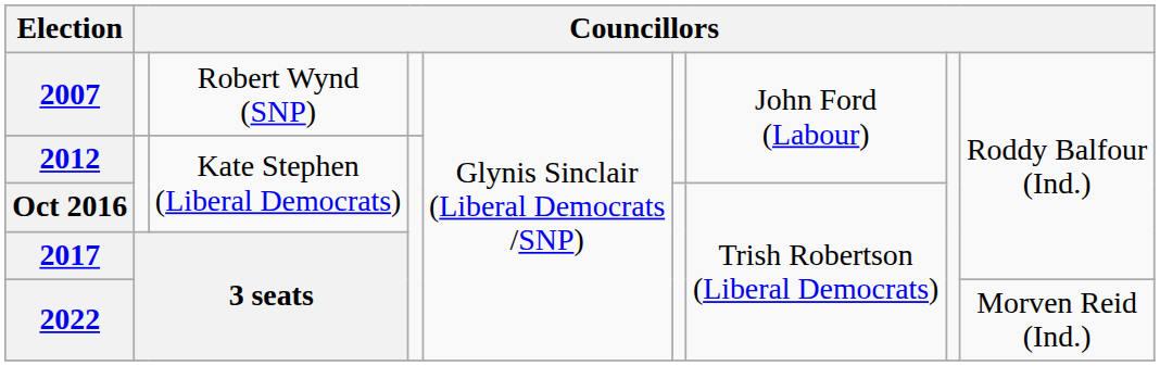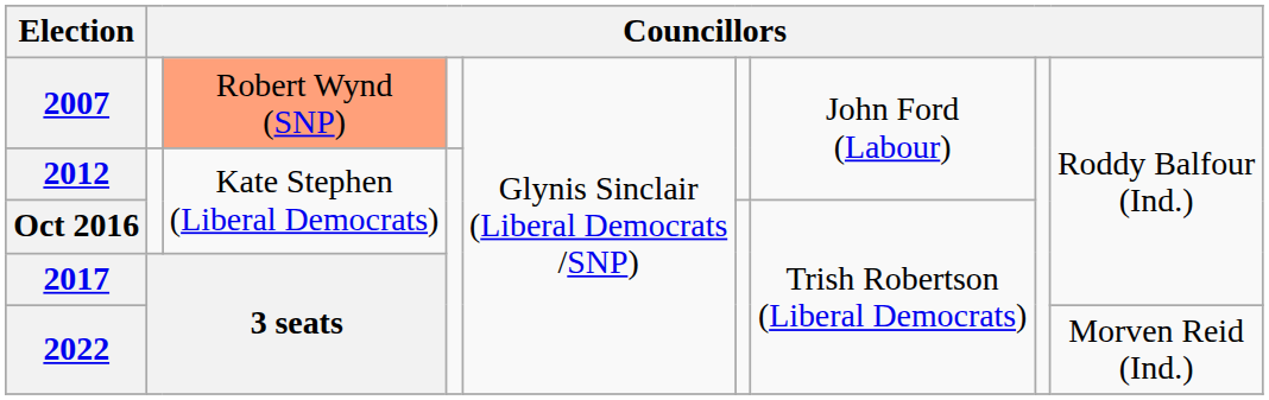 <table class="wikitable" style="text-align:center">
 <tr>
 <th>Election</th>
 <th colspan=8>Councillors</th>
 </tr>
 <tr>
 <th><a href='#'>2007</a></th>
 <td rowspan=1; style="background-color: "></td>
-<td rowspan=1>Robert Wynd<br>(<a href='#'>SNP</a>)</td>
+<td rowspan=1 style="background: lightsalmon;">Robert Wynd<br>(<a href='#'>SNP</a>)</td>
 <td rowspan=1; style="background-color: "></td>
 <td rowspan=5>Glynis Sinclair<br>(<a href='#'>Liberal Democrats</a><br>/<a href='#'>SNP</a>)</td>
 <td rowspan=2; style="background-color: "></td>
 <td rowspan=2>John Ford<br>(<a href='#'>Labour</a>)</td>
 <td rowspan=5; style="background-color: "></td>
 <td rowspan=4>Roddy Balfour<br>(Ind.)</td>
 </tr>
 <tr>
 <th><a href='#'>2012</a></th>
 <td rowspan=2; style="background-color: "></td>
 <td rowspan=2>Kate Stephen<br>(<a href='#'>Liberal Democrats</a>)</td>
 <td rowspan=4; style="background-color: "></td>
 </tr>
 <tr>
 <th>Oct 2016</th>
 <td rowspan=3; style="background-color: "></td>
 <td rowspan=3>Trish Robertson<br>(<a href='#'>Liberal Democrats</a>)</td>
 </tr>
 <tr>
 <th><a href='#'>2017</a></th>
 <th colspan=2; rowspan=2>3 seats</th>
 </tr>
 <tr>
 <th><a href='#'>2022</a></th>
 <td rowspan=1>Morven Reid<br>(Ind.)</td>
 </tr>
 </table>
